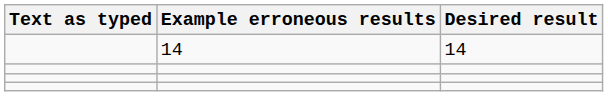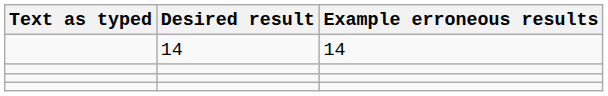 <table class="wikitable">
 <tr>
 <th>Text as typed</th>
+<th>Desired result</th>
 <th>Example erroneous results</th>
-<th>Desired result</th>
 </tr>
 <tr>
 <td></td>
 <td>14</td>
 <td>14</td>
 </tr>
 <tr>
 <td></td>
 <td></td>
 <td></td>
 </tr>
 <tr>
 <td></td>
 <td></td>
 <td></td>
 </tr>
 <tr>
 <td></td>
 <td></td>
 <td></td>
 </tr>
 </table>
